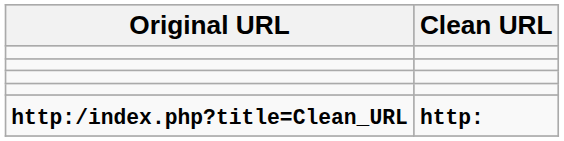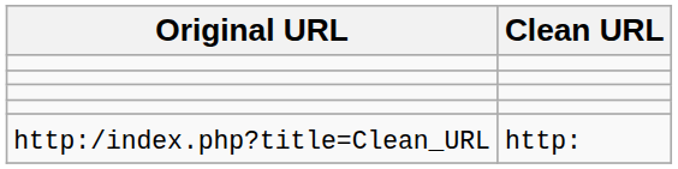 <table class="wikitable" style="margin: 1em auto">
 <tr>
 <th>Original URL</th>
 <th>Clean URL</th>
 </tr>
 <tr>
 <td></td>
 <td></td>
 </tr>
 <tr>
 <td></td>
 <td></td>
 </tr>
 <tr>
 <td></td>
 <td></td>
 </tr>
 <tr>
 <td></td>
 <td></td>
 </tr>
 <tr>
-<td><strong><code>http:/index.php?title=Clean_URL</code></strong></td>
-<td><strong><code>http:</code></strong></td>
+<td><code>http:/index.php?title=Clean_URL</code></td>
+<td><code>http:</code></td>
 </tr>
 </table>
